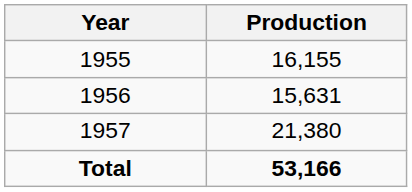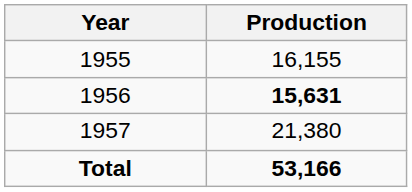 <table class="wikitable">
 <tr style="text-align:center;">
 <th style="width:100pt;">Year</th>
 <th style="width:100pt; text-align:center;">Production</th>
 </tr>
 <tr style="text-align:center;">
 <td>1955</td>
 <td style="text-align:center;">16,155</td>
 </tr>
 <tr style="text-align:center;">
 <td>1956</td>
-<td style="text-align:center;">15,631</td>
+<td style="text-align:center;"><strong>15,631</strong></td>
 </tr>
 <tr style="text-align:center;">
 <td>1957</td>
 <td style="text-align:center;">21,380</td>
 </tr>
 <tr style="text-align:center;">
 <td><strong>Total</strong></td>
 <td style="text-align:center;"><strong>53,166</strong></td>
 </tr>
 </table>
